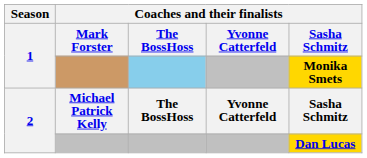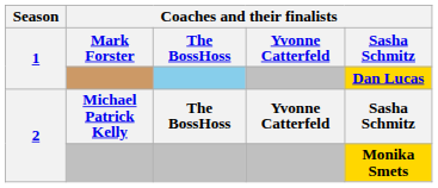 <table class="wikitable" style="text-align:center; line-height:16px; width:70%">
 <tr>
 <th style="width:05%">Season</th>
 <th colspan="4" style="width:50%">Coaches and their finalists</th>
 </tr>
 <tr>
 <th rowspan="2" scope="row"><a href='#'>1</a></th>
 <th style="width:15%" scope="col"><a href='#'>Mark Forster</a></th>
 <th style="width:15%" scope="col"><a href='#'>The BossHoss</a></th>
 <th style="width:15%" scope="col"><a href='#'>Yvonne Catterfeld</a></th>
 <th style="width:15%" scope="col"><a href='#'>Sasha Schmitz</a></th>
 </tr>
 <tr>
 <td style="background:#cc9966"></td>
 <td style="background:skyblue"></td>
 <td style="background: silver"></td>
-<td style="background: gold"><strong>Monika Smets</strong><br></td>
+<td style="background: gold"><strong><a href='#'>Dan Lucas</a></strong><br></td>
 </tr>
 <tr>
 <th rowspan="2" scope="row"><a href='#'>2</a></th>
 <th scope="col"><a href='#'>Michael Patrick Kelly</a></th>
 <th scope="col">The BossHoss</th>
 <th scope="col">Yvonne Catterfeld</th>
 <th scope="col">Sasha Schmitz</th>
 </tr>
 <tr>
 <td style="background: silver"></td>
 <td style="background: silver"></td>
 <td style="background: silver"></td>
-<td style="background: gold"><strong><a href='#'>Dan Lucas</a></strong><br></td>
+<td style="background: gold"><strong>Monika Smets</strong><br></td>
 </tr>
 </table>
